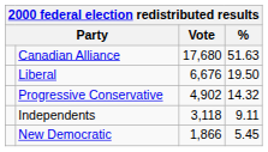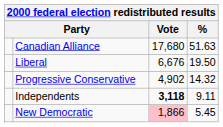 <table class="wikitable">
 <tr>
 <th colspan="4"><a href='#'>2000 federal election</a> redistributed results</th>
 </tr>
 <tr>
 <th bgcolor="#DDDDFF" width="130px" colspan="2">Party</th>
 <th bgcolor="#DDDDFF" width="50px">Vote</th>
 <th bgcolor="#DDDDFF" width="30px">%</th>
 </tr>
 <tr>
 <td> </td>
 <td><a href='#'>Canadian Alliance</a></td>
 <td align=right>17,680</td>
 <td align=right>51.63</td>
 </tr>
 <tr>
 <td> </td>
 <td><a href='#'>Liberal</a></td>
 <td align=right>6,676</td>
 <td align=right>19.50</td>
 </tr>
 <tr>
 <td> </td>
 <td><a href='#'>Progressive Conservative</a></td>
 <td align=right>4,902</td>
 <td align=right>14.32</td>
 </tr>
 <tr>
 <td> </td>
 <td>Independents</td>
-<td align=right>3,118</td>
+<td align=right><strong>3,118</strong></td>
 <td align=right>9.11</td>
 </tr>
 <tr>
 <td> </td>
 <td><a href='#'>New Democratic</a></td>
-<td align=right>1,866</td>
+<td align=right style="background: pink;">1,866</td>
 <td align=right>5.45</td>
 </tr>
 </table>
